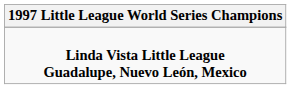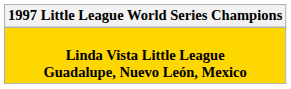 <table class="wikitable" style="text-align: center; margin: 0 auto;">
 <tr>
 <th>1997 Little League World Series Champions</th>
 </tr>
 <tr>
 </tr>
 <tr>
-<td><br><strong>Linda Vista Little League</strong><br><strong>Guadalupe, Nuevo León, Mexico</strong></td>
+<td style="background: gold;"><br><strong>Linda Vista Little League</strong><br><strong>Guadalupe, Nuevo León, Mexico</strong></td>
 </tr>
 </table>
